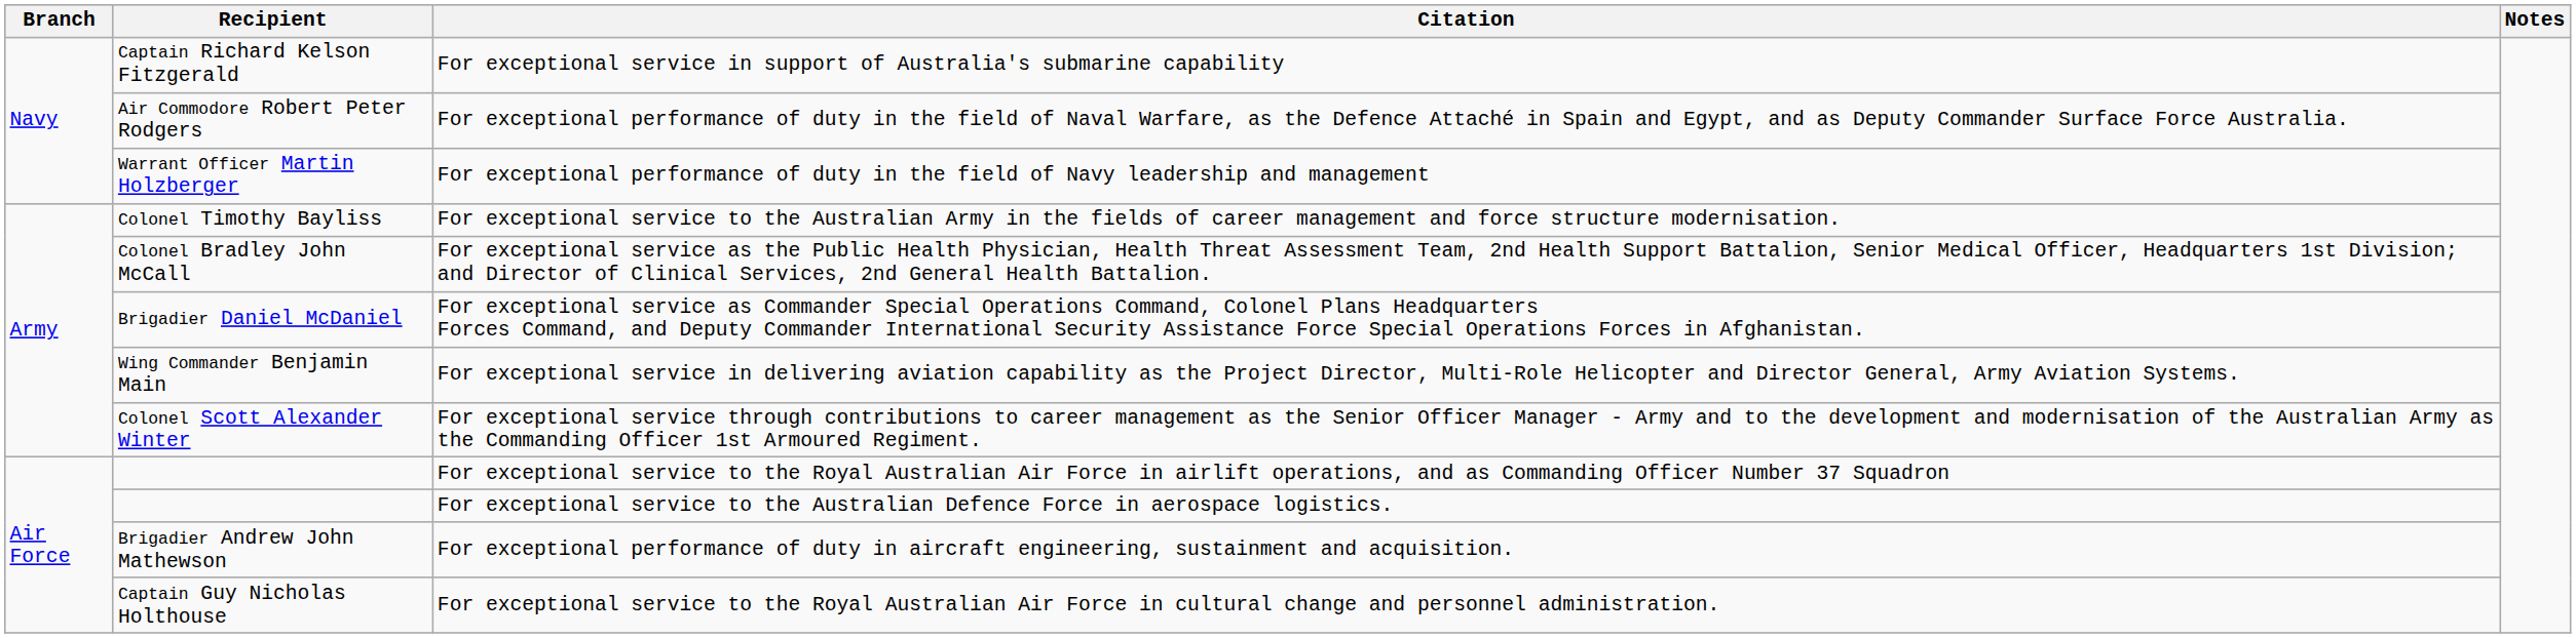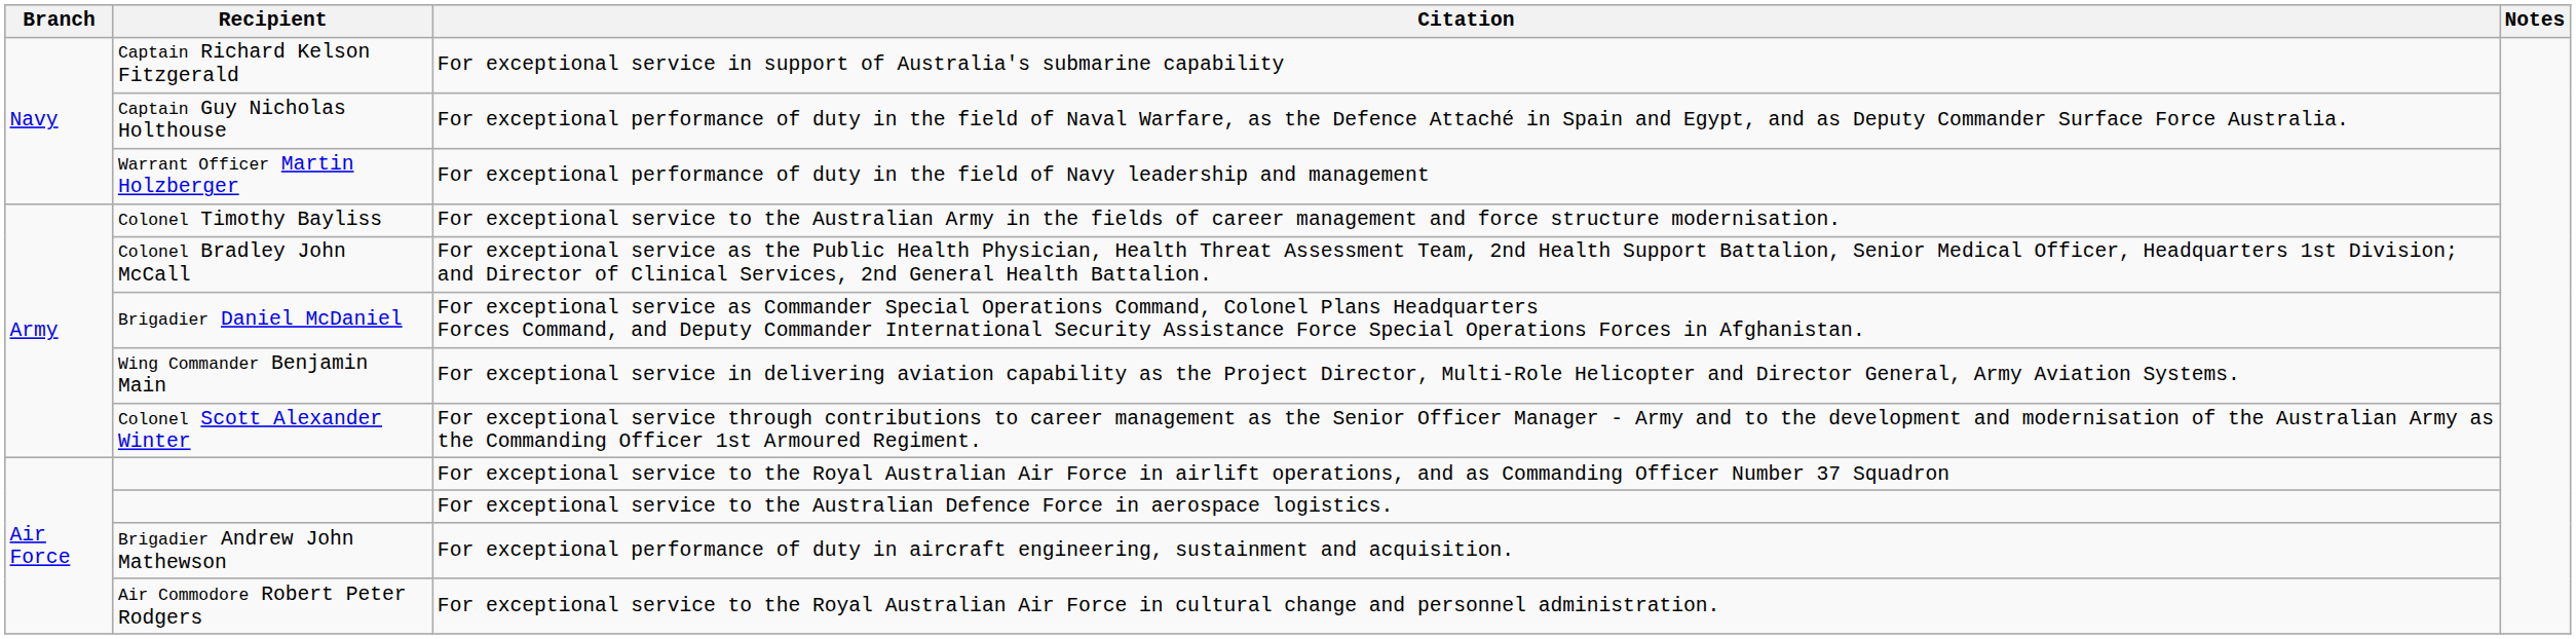 <table class="wikitable" style="font-size:95%;">
 <tr>
 <th>Branch</th>
 <th>Recipient</th>
 <th>Citation</th>
 <th>Notes</th>
 </tr>
 <tr>
 <td rowspan="3"><a href='#'>Navy</a></td>
 <td><small>Captain</small> Richard Kelson Fitzgerald </td>
 <td>For exceptional service in support of Australia's submarine capability</td>
 <td rowspan=12></td>
 </tr>
 <tr>
-<td><small>Air Commodore</small> Robert Peter Rodgers </td>
+<td><small>Captain</small> Guy Nicholas Holthouse </td>
 <td>For exceptional performance of duty in the field of Naval Warfare, as the Defence Attaché in Spain and Egypt, and as Deputy Commander Surface Force Australia.</td>
 </tr>
 <tr>
 <td><small>Warrant Officer</small> <a href='#'>Martin Holzberger</a> </td>
 <td>For exceptional performance of duty in the field of Navy leadership and management</td>
 </tr>
 <tr>
 <td rowspan="5"><a href='#'>Army</a></td>
 <td><small>Colonel</small> Timothy Bayliss</td>
 <td>For exceptional service to the Australian Army in the fields of career management and force structure modernisation.</td>
 </tr>
 <tr>
 <td><small>Colonel</small> Bradley John McCall</td>
 <td>For exceptional service as the Public Health Physician, Health Threat Assessment Team, 2nd Health Support Battalion, Senior Medical Officer, Headquarters 1st Division; and Director of Clinical Services, 2nd General Health Battalion.</td>
 </tr>
 <tr>
 <td><small>Brigadier</small> <a href='#'>Daniel McDaniel</a> </td>
 <td>For exceptional service as Commander Special Operations Command, Colonel Plans Headquarters<br>Forces Command, and Deputy Commander International Security Assistance Force Special Operations Forces in Afghanistan.</td>
 </tr>
 <tr>
 <td><small>Wing Commander</small> Benjamin Main</td>
 <td>For exceptional service in delivering aviation capability as the Project Director, Multi-Role Helicopter and Director General, Army Aviation Systems.</td>
 </tr>
 <tr>
 <td><small>Colonel</small> <a href='#'>Scott Alexander Winter</a></td>
 <td>For exceptional service through contributions to career management as the Senior Officer Manager - Army and to the development and modernisation of the Australian Army as the Commanding Officer 1st Armoured Regiment.</td>
 </tr>
 <tr>
 <td rowspan="4"><a href='#'>Air Force</a></td>
 <td></td>
 <td>For exceptional service to the Royal Australian Air Force in airlift operations, and as Commanding Officer Number 37 Squadron</td>
 </tr>
 <tr>
 <td></td>
 <td>For exceptional service to the Australian Defence Force in aerospace logistics.</td>
 </tr>
 <tr>
 <td><small>Brigadier</small> Andrew John Mathewson</td>
 <td>For exceptional performance of duty in aircraft engineering, sustainment and acquisition.</td>
 </tr>
 <tr>
-<td><small>Captain</small> Guy Nicholas Holthouse </td>
+<td><small>Air Commodore</small> Robert Peter Rodgers </td>
 <td>For exceptional service to the Royal Australian Air Force in cultural change and personnel administration.</td>
 </tr>
 </table>
